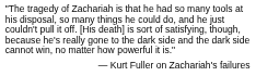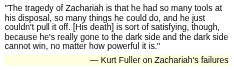 <table class="toccolours" style="float: left; margin-left: 0em; margin-right: 2em; font-size: 85%; width:27em; max-width: 40%;" cellspacing="5">
 <tr>
 <td style="text-align: left;">"The tragedy of Zachariah is that he had so many tools at his disposal, so many things he could do, and he just couldn't pull it off. [His death] is sort of satisfying, though, because he's really gone to the dark side and the dark side cannot win, no matter how powerful it is."</td>
 </tr>
 <tr>
-<td style="text-align: right;"> — Kurt Fuller on Zachariah's failures</td>
+<td style="background: lightyellow; text-align: right;"> — Kurt Fuller on Zachariah's failures</td>
 </tr>
 </table>
